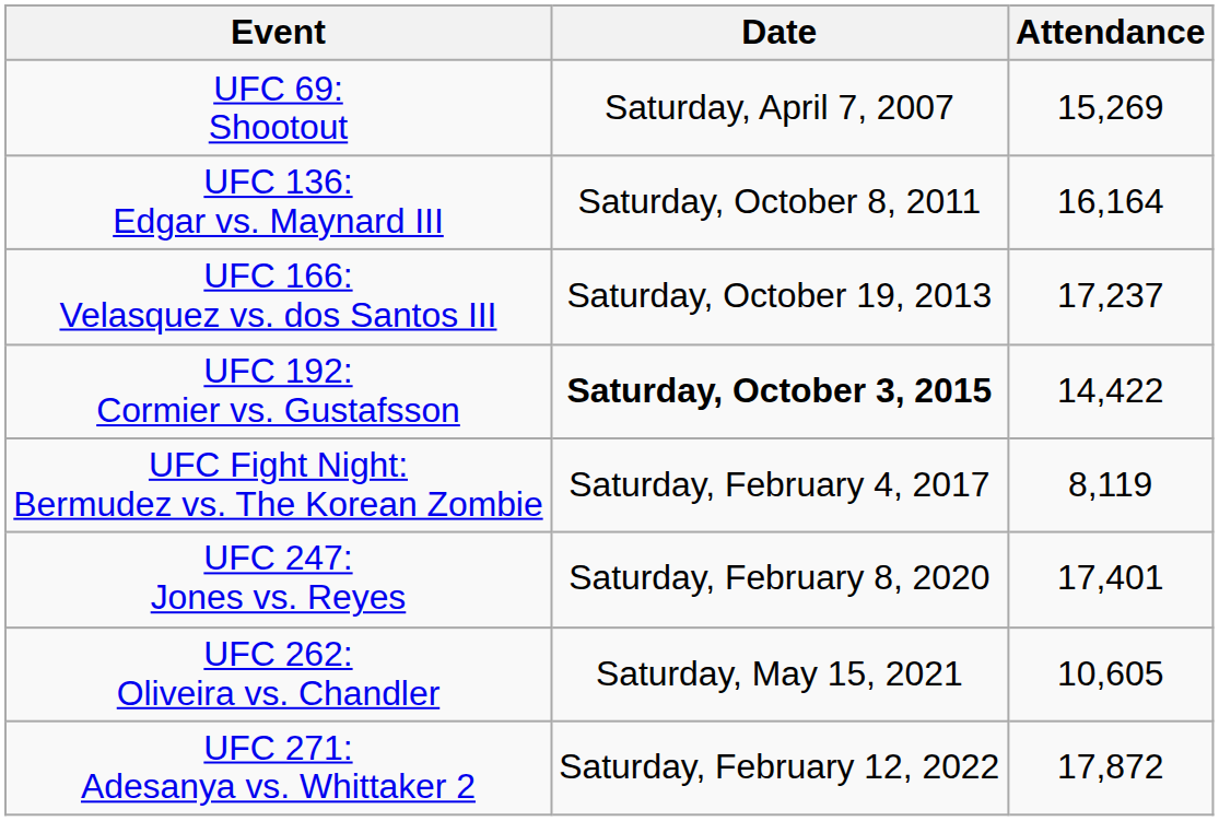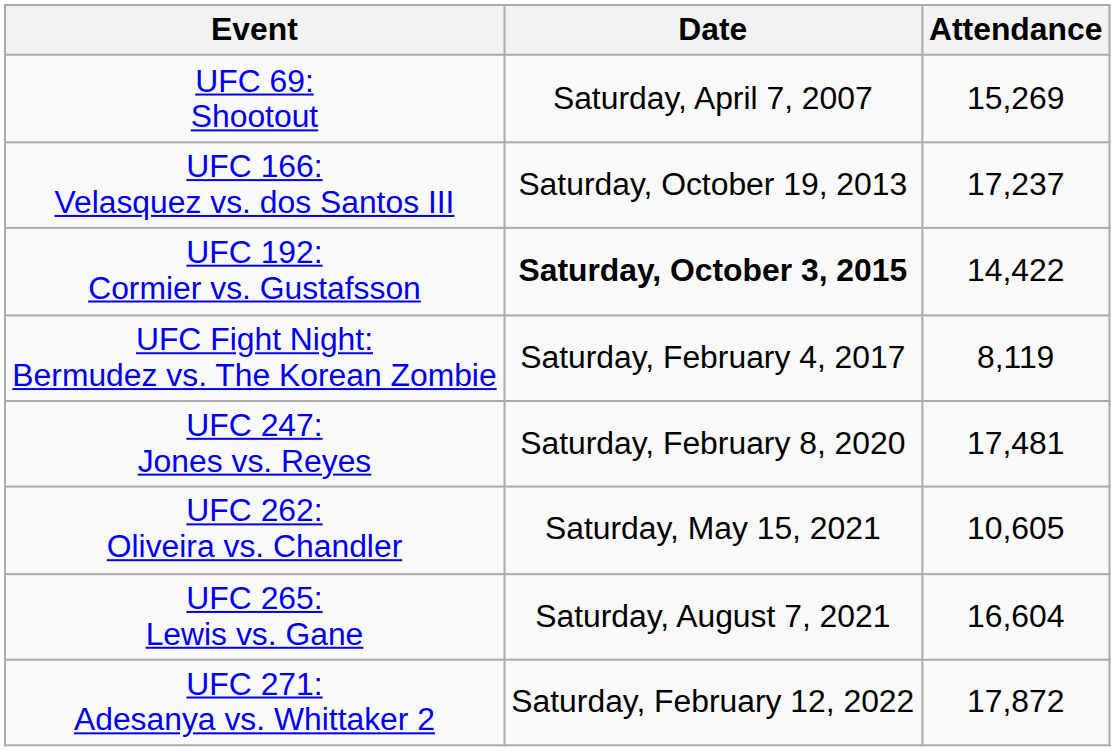 <table class="wikitable" style="text-align:center">
 <tr>
 <th>Event</th>
 <th>Date</th>
 <th>Attendance</th>
 </tr>
 <tr>
 <td><a href='#'>UFC 69:<br>Shootout</a></td>
 <td>Saturday, April 7, 2007</td>
 <td>15,269</td>
-</tr>
-<tr>
-<td><a href='#'>UFC 136:<br>Edgar vs. Maynard III</a></td>
-<td>Saturday, October 8, 2011</td>
-<td>16,164</td>
 </tr>
 <tr>
 <td><a href='#'>UFC 166:<br>Velasquez vs. dos Santos III</a></td>
 <td>Saturday, October 19, 2013</td>
 <td>17,237</td>
 </tr>
 <tr>
 <td><a href='#'>UFC 192:<br>Cormier vs. Gustafsson</a></td>
 <td><strong>Saturday, October 3, 2015</strong></td>
 <td>14,422</td>
 </tr>
 <tr>
 <td><a href='#'>UFC Fight Night:<br>Bermudez vs. The Korean Zombie</a></td>
 <td>Saturday, February 4, 2017</td>
 <td>8,119</td>
 </tr>
 <tr>
 <td><a href='#'>UFC 247:<br>Jones vs. Reyes</a></td>
 <td>Saturday, February 8, 2020</td>
-<td>17,401</td>
+<td>17,481</td>
 </tr>
 <tr>
 <td><a href='#'>UFC 262:<br>Oliveira vs. Chandler</a></td>
 <td>Saturday, May 15, 2021</td>
 <td>10,605</td>
 </tr>
 <tr>
+<td><a href='#'>UFC 265:<br>Lewis vs. Gane</a></td>
+<td>Saturday, August 7, 2021</td>
+<td>16,604</td>
+</tr>
+<tr>
 <td><a href='#'>UFC 271:<br>Adesanya vs. Whittaker 2</a></td>
 <td>Saturday, February 12, 2022</td>
 <td>17,872</td>
 </tr>
 </table>
